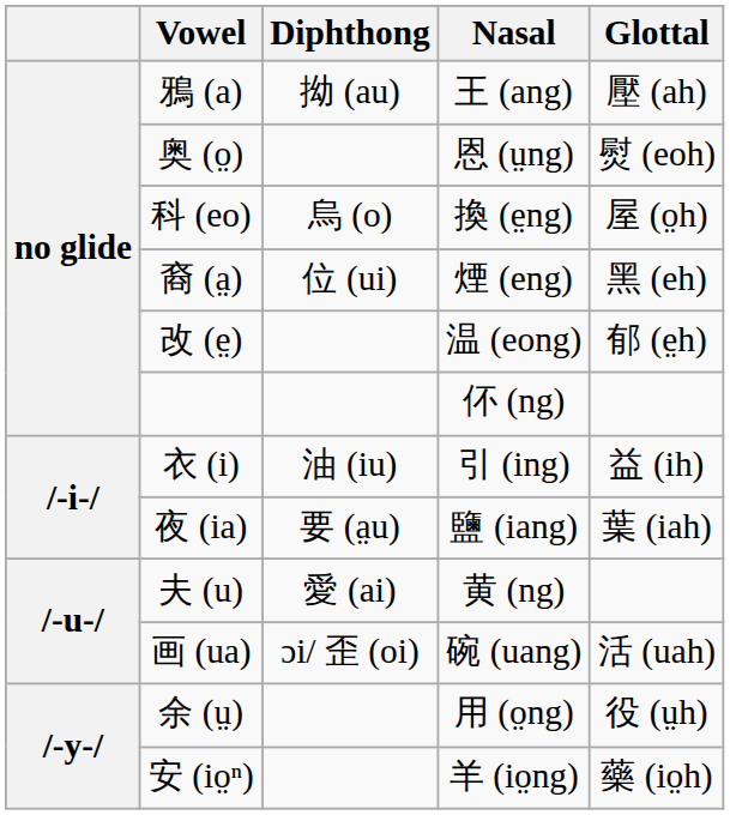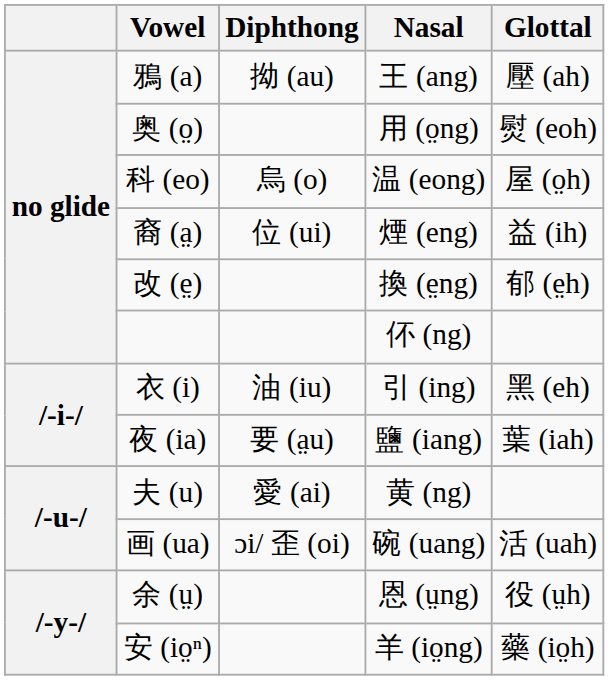 <table class="wikitable" style="text-align:center">
 <tr>
 <th></th>
 <th>Vowel</th>
 <th>Diphthong</th>
 <th>Nasal</th>
 <th>Glottal</th>
 </tr>
 <tr>
 <th rowspan="6">no glide</th>
 <td> 鴉 (a)</td>
 <td> 拗 (au)</td>
 <td> 王 (ang)</td>
 <td> 壓 (ah)</td>
 </tr>
 <tr>
 <td> 奥 (o̤)</td>
 <td></td>
-<td> 恩 (ṳng)</td>
+<td> 用 (o̤ng)</td>
 <td> 熨 (eoh)</td>
 </tr>
 <tr>
 <td> 科 (eo)</td>
 <td> 烏 (o)</td>
-<td> 換 (e̤ng)</td>
+<td> 温 (eong)</td>
 <td> 屋 (o̤h)</td>
 </tr>
 <tr>
 <td> 裔 (a̤)</td>
 <td> 位 (ui)</td>
 <td> 煙 (eng)</td>
-<td> 黑 (eh)</td>
+<td> 益 (ih)</td>
 </tr>
 <tr>
 <td> 改 (e̤)</td>
 <td></td>
-<td> 温 (eong)</td>
+<td> 換 (e̤ng)</td>
 <td> 郁 (e̤h)</td>
 </tr>
 <tr>
 <td></td>
 <td></td>
 <td> 伓 (ng)</td>
 <td></td>
 </tr>
 <tr>
 <th rowspan="2">/-i-/</th>
 <td> 衣 (i)</td>
 <td> 油 (iu)</td>
 <td> 引 (ing)</td>
-<td> 益 (ih)</td>
+<td> 黑 (eh)</td>
 </tr>
 <tr>
 <td> 夜 (ia)</td>
 <td> 要 (a̤u)</td>
 <td> 鹽 (iang)</td>
 <td> 葉 (iah)</td>
 </tr>
 <tr>
 <th rowspan="2">/-u-/</th>
 <td> 夫 (u)</td>
 <td> 愛 (ai)</td>
 <td><em> </em> 黄 (ng)</td>
 <td></td>
 </tr>
 <tr>
 <td> 画 (ua)</td>
 <td>ɔi/ 歪 (oi)</td>
 <td> 碗 (uang)</td>
 <td> 活 (uah)</td>
 </tr>
 <tr>
 <th rowspan="2">/-y-/</th>
 <td> 余 (ṳ)</td>
 <td></td>
-<td> 用 (o̤ng)</td>
+<td> 恩 (ṳng)</td>
 <td> 役 (ṳh)</td>
 </tr>
 <tr>
 <td> 安 (io̤ⁿ)</td>
 <td></td>
 <td> 羊 (io̤ng)</td>
 <td> 藥 (io̤h)</td>
 </tr>
 </table>
